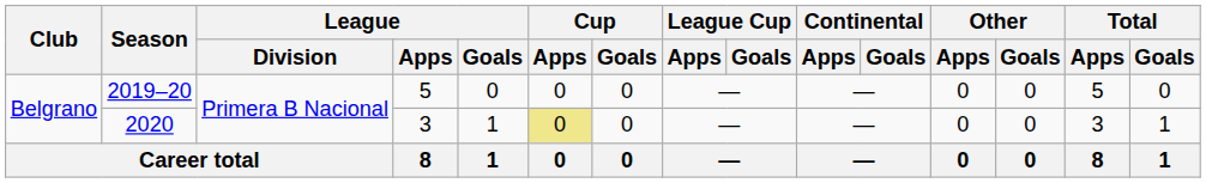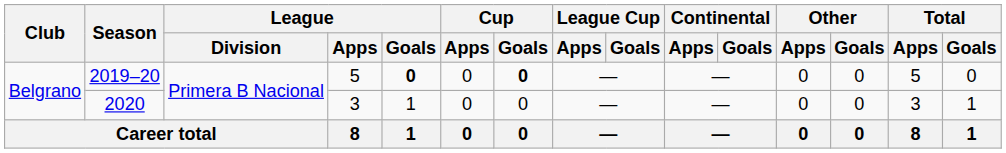 <table class="wikitable" style="text-align:center">
 <tr>
 <th rowspan="2">Club</th>
 <th rowspan="2">Season</th>
 <th colspan="3">League</th>
 <th colspan="2">Cup</th>
 <th colspan="2">League Cup</th>
 <th colspan="2">Continental</th>
 <th colspan="2">Other</th>
 <th colspan="2">Total</th>
 </tr>
 <tr>
 <th>Division</th>
 <th>Apps</th>
 <th>Goals</th>
 <th>Apps</th>
 <th>Goals</th>
 <th>Apps</th>
 <th>Goals</th>
 <th>Apps</th>
 <th>Goals</th>
 <th>Apps</th>
 <th>Goals</th>
 <th>Apps</th>
 <th>Goals</th>
 </tr>
 <tr>
 <td rowspan="2"><a href='#'>Belgrano</a></td>
 <td><a href='#'>2019–20</a></td>
 <td rowspan="2"><a href='#'>Primera B Nacional</a></td>
 <td>5</td>
+<td><strong>0</strong></td>
 <td>0</td>
-<td>0</td>
-<td>0</td>
+<td><strong>0</strong></td>
 <td colspan="2">—</td>
 <td colspan="2">—</td>
 <td>0</td>
 <td>0</td>
 <td>5</td>
 <td>0</td>
 </tr>
 <tr>
 <td><a href='#'>2020</a></td>
 <td>3</td>
 <td>1</td>
-<td style="background: khaki;">0</td>
+<td>0</td>
 <td>0</td>
 <td colspan="2">—</td>
 <td colspan="2">—</td>
 <td>0</td>
 <td>0</td>
 <td>3</td>
 <td>1</td>
 </tr>
 <tr>
 <th colspan="3">Career total</th>
 <th>8</th>
 <th>1</th>
 <th>0</th>
 <th>0</th>
 <th colspan="2">—</th>
 <th colspan="2">—</th>
 <th>0</th>
 <th>0</th>
 <th>8</th>
 <th>1</th>
 </tr>
 </table>
